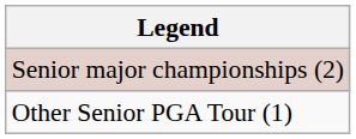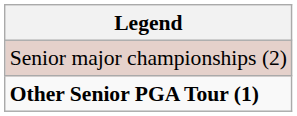 <table class="wikitable" style="font-size:95%;">
 <tr>
 <th>Legend</th>
 </tr>
 <tr style="background:#e5d1cb;">
 <td>Senior major championships (2)</td>
 </tr>
 <tr>
-<td>Other Senior PGA Tour (1)</td>
+<td><strong>Other Senior PGA Tour (1)</strong></td>
 </tr>
 </table>
